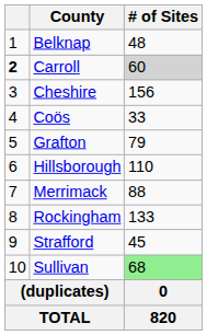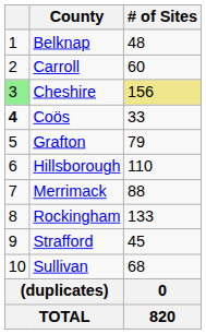 <table class="wikitable sortable">
 <tr>
 <th></th>
 <th><strong>County</strong></th>
 <th><strong># of Sites</strong></th>
 </tr>
 <tr ->
 <td>1</td>
 <td><a href='#'>Belknap</a></td>
 <td>48</td>
 </tr>
 <tr ->
-<td><strong>2</strong></td>
+<td>2</td>
 <td><a href='#'>Carroll</a></td>
-<td style="background: lightgrey;">60</td>
+<td>60</td>
 </tr>
 <tr ->
-<td>3</td>
+<td style="background: lightgreen;">3</td>
 <td><a href='#'>Cheshire</a></td>
-<td>156</td>
+<td style="background: khaki;">156</td>
 </tr>
 <tr ->
-<td>4</td>
+<td><strong>4</strong></td>
 <td><a href='#'>Coös</a></td>
 <td>33</td>
 </tr>
 <tr ->
 <td>5</td>
 <td><a href='#'>Grafton</a></td>
 <td>79</td>
 </tr>
 <tr ->
 <td>6</td>
 <td><a href='#'>Hillsborough</a></td>
 <td>110</td>
 </tr>
 <tr ->
 <td>7</td>
 <td><a href='#'>Merrimack</a></td>
 <td>88</td>
 </tr>
 <tr ->
 <td>8</td>
 <td><a href='#'>Rockingham</a></td>
 <td>133</td>
 </tr>
 <tr ->
 <td>9</td>
 <td><a href='#'>Strafford</a></td>
 <td>45</td>
 </tr>
 <tr ->
 <td>10</td>
 <td><a href='#'>Sullivan</a></td>
-<td style="background: lightgreen;">68</td>
+<td>68</td>
 </tr>
 <tr class="sortbottom">
 <th colspan="2">(duplicates)</th>
 <th>0</th>
 </tr>
 <tr class="sortbottom">
 <th colspan="2">TOTAL</th>
 <th>820</th>
 </tr>
 </table>
